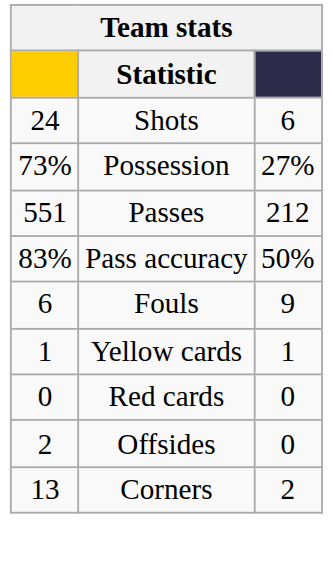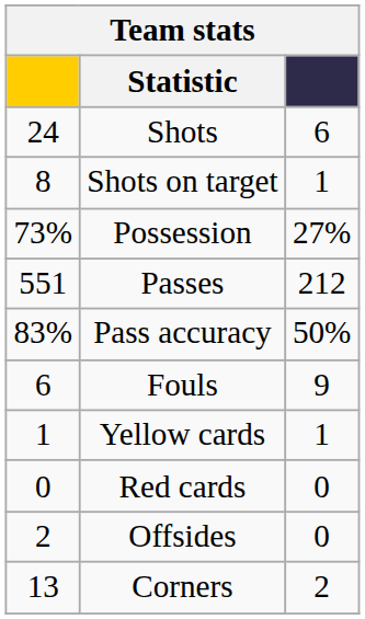 <table class="wikitable" style="margin-left: auto; margin-right: auto; border: none; text-align:center;">
 <tr>
 <th colspan=3>Team stats</th>
 </tr>
 <tr>
 <th style="background: #FFCD00; color: #00843d;"> <a href='#'></a></th>
 <th>Statistic</th>
 <th style="background: #2D2A4A; color: #FFFFFF;"> <a href='#'></a></th>
 </tr>
 <tr>
 <td>24</td>
 <td>Shots</td>
 <td>6</td>
+</tr>
+<tr>
+<td>8</td>
+<td>Shots on target</td>
+<td>1</td>
 </tr>
 <tr>
 <td>73%</td>
 <td>Possession</td>
 <td>27%</td>
 </tr>
 <tr>
 <td>551</td>
 <td>Passes</td>
 <td>212</td>
 </tr>
 <tr>
 <td>83%</td>
 <td>Pass accuracy</td>
 <td>50%</td>
 </tr>
 <tr>
 <td>6</td>
 <td>Fouls</td>
 <td>9</td>
 </tr>
 <tr>
 <td>1</td>
 <td>Yellow cards</td>
 <td>1</td>
 </tr>
 <tr>
 <td>0</td>
 <td>Red cards</td>
 <td>0</td>
 </tr>
 <tr>
 <td>2</td>
 <td>Offsides</td>
 <td>0</td>
 </tr>
 <tr>
 <td>13</td>
 <td>Corners</td>
 <td>2</td>
 </tr>
 </table>
